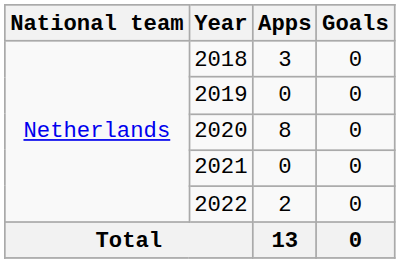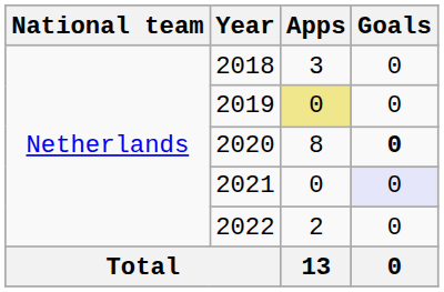 <table class="wikitable" style="text-align:center">
 <tr>
 <th>National team</th>
 <th>Year</th>
 <th>Apps</th>
 <th>Goals</th>
 </tr>
 <tr>
 <td rowspan="5"><a href='#'>Netherlands</a></td>
 <td>2018</td>
 <td>3</td>
 <td>0</td>
 </tr>
 <tr>
 <td>2019</td>
-<td>0</td>
+<td style="background: khaki;">0</td>
 <td>0</td>
 </tr>
 <tr>
 <td>2020</td>
 <td>8</td>
-<td>0</td>
+<td><strong>0</strong></td>
 </tr>
 <tr>
 <td>2021</td>
 <td>0</td>
-<td>0</td>
+<td style="background: lavender;">0</td>
 </tr>
 <tr>
 <td>2022</td>
 <td>2</td>
 <td>0</td>
 </tr>
 <tr>
 <th colspan="2">Total</th>
 <th>13</th>
 <th>0</th>
 </tr>
 </table>
